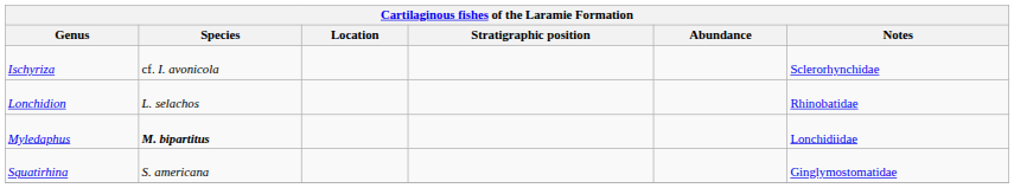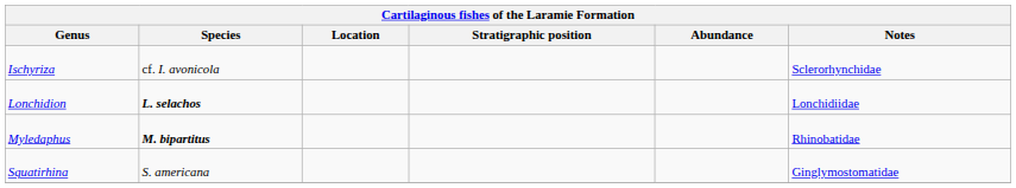 <table class="wikitable" align="center" width="100%">
 <tr>
 <th colspan="7" align="center"><strong><a href='#'>Cartilaginous fishes</a> of the Laramie Formation</strong></th>
 </tr>
 <tr>
 <th>Genus</th>
 <th>Species</th>
 <th>Location</th>
 <th>Stratigraphic position</th>
 <th>Abundance</th>
 <th>Notes<br></th>
 </tr>
 <tr>
 <td><br><em><a href='#'>Ischyriza</a></em></td>
 <td><br>cf. <em>I. avonicola</em></td>
 <td></td>
 <td></td>
 <td></td>
 <td><br><a href='#'>Sclerorhynchidae</a> </td>
 </tr>
 <tr>
 <td><br><em><a href='#'>Lonchidion</a></em></td>
-<td><br><em>L. selachos</em></td>
+<td><strong><br><em>L. selachos</em></strong></td>
 <td></td>
 <td></td>
 <td></td>
-<td><br><a href='#'>Rhinobatidae</a></td>
+<td><br><a href='#'>Lonchidiidae</a></td>
 </tr>
 <tr>
 <td><br><em><a href='#'>Myledaphus</a></em></td>
 <td><strong><br><em>M. bipartitus</em></strong></td>
 <td></td>
 <td></td>
 <td></td>
-<td><br><a href='#'>Lonchidiidae</a></td>
+<td><br><a href='#'>Rhinobatidae</a></td>
 </tr>
 <tr>
 <td><br><em><a href='#'>Squatirhina</a></em></td>
 <td><br><em>S. americana</em></td>
 <td></td>
 <td></td>
 <td></td>
 <td><br><a href='#'>Ginglymostomatidae</a></td>
 </tr>
 <tr>
 </tr>
 </table>
